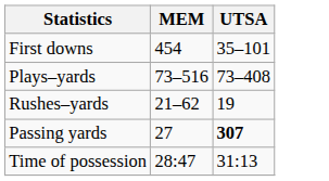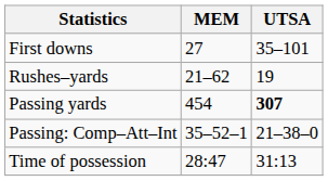 <table class="wikitable" style="float: left;">
 <tr>
 <th>Statistics</th>
 <th>MEM</th>
 <th>UTSA</th>
 </tr>
 <tr>
 <td>First downs</td>
-<td>454</td>
+<td>27</td>
 <td>35–101</td>
-</tr>
-<tr>
-<td>Plays–yards</td>
-<td>73–516</td>
-<td>73–408</td>
 </tr>
 <tr>
 <td>Rushes–yards</td>
 <td>21–62</td>
 <td>19</td>
 </tr>
 <tr>
 <td>Passing yards</td>
-<td>27</td>
+<td>454</td>
 <td><strong>307</strong></td>
+</tr>
+<tr>
+<td>Passing: Comp–Att–Int</td>
+<td>35–52–1</td>
+<td>21–38–0</td>
 </tr>
 <tr>
 <td>Time of possession</td>
 <td>28:47</td>
 <td>31:13</td>
 </tr>
 <tr>
 </tr>
 </table>
